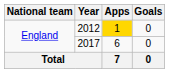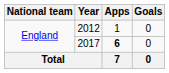 <table class="wikitable" style="text-align: center;">
 <tr>
 <th>National team</th>
 <th>Year</th>
 <th>Apps</th>
 <th>Goals</th>
 </tr>
 <tr>
 <td rowspan="2"><a href='#'>England</a></td>
 <td>2012</td>
-<td style="background: gold;">1</td>
+<td>1</td>
 <td>0</td>
 </tr>
 <tr>
 <td>2017</td>
-<td>6</td>
+<td><strong>6</strong></td>
 <td>0</td>
 </tr>
 <tr>
 <th colspan="2">Total</th>
 <th>7</th>
 <th>0</th>
 </tr>
 </table>
